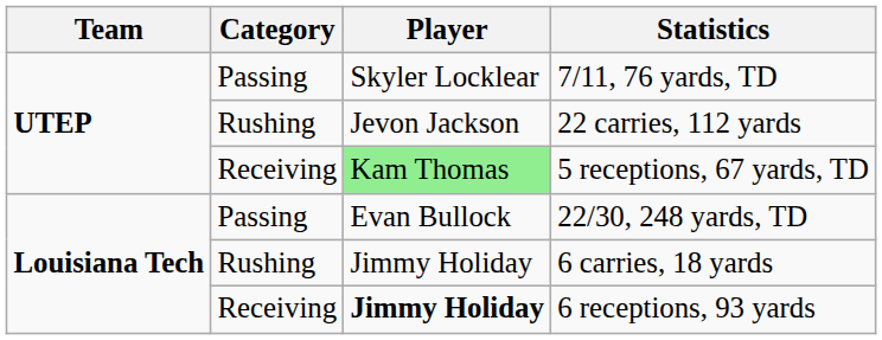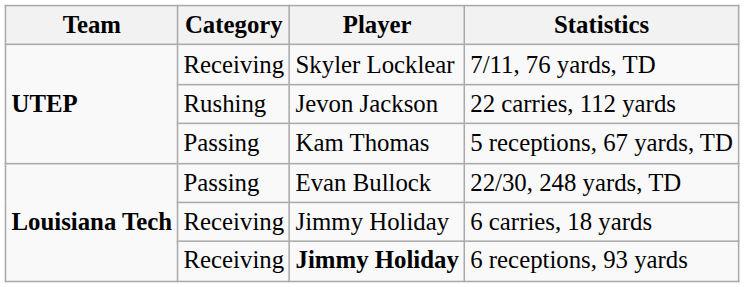 <table class="wikitable" style="float: right;">
 <tr>
 <th>Team</th>
 <th>Category</th>
 <th>Player</th>
 <th>Statistics</th>
 </tr>
 <tr>
 <td rowspan=3><strong>UTEP</strong></td>
-<td>Passing</td>
+<td>Receiving</td>
 <td>Skyler Locklear</td>
 <td>7/11, 76 yards, TD</td>
 </tr>
 <tr>
 <td>Rushing</td>
 <td>Jevon Jackson</td>
 <td>22 carries, 112 yards</td>
 </tr>
 <tr>
-<td>Receiving</td>
-<td style="background: lightgreen;">Kam Thomas</td>
+<td>Passing</td>
+<td>Kam Thomas</td>
 <td>5 receptions, 67 yards, TD</td>
 </tr>
 <tr>
 <td rowspan=3><strong>Louisiana Tech</strong></td>
 <td>Passing</td>
 <td>Evan Bullock</td>
 <td>22/30, 248 yards, TD</td>
 </tr>
 <tr>
-<td>Rushing</td>
+<td>Receiving</td>
 <td>Jimmy Holiday</td>
 <td>6 carries, 18 yards</td>
 </tr>
 <tr>
 <td>Receiving</td>
 <td><strong>Jimmy Holiday</strong></td>
 <td>6 receptions, 93 yards</td>
 </tr>
 </table>
